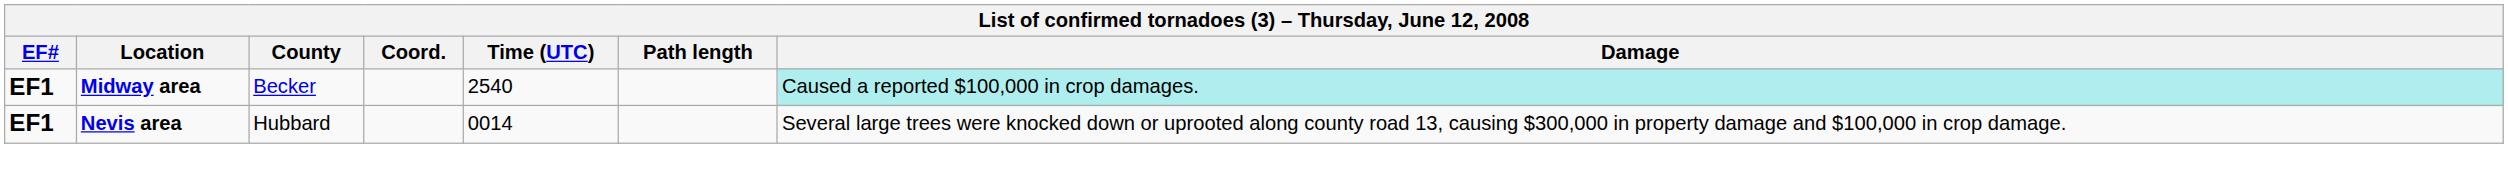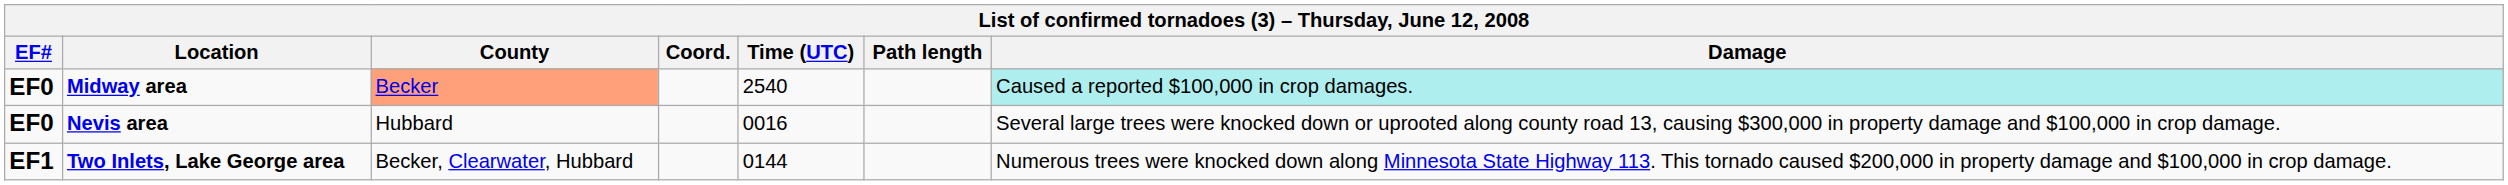 <table class="wikitable collapsible" width="100%">
 <tr>
 <th colspan="7">List of confirmed tornadoes (3) – Thursday, June 12, 2008</th>
 </tr>
 <tr>
 <th><a href='#'>EF#</a></th>
 <th>Location</th>
 <th>County</th>
 <th>Coord.</th>
 <th>Time (<a href='#'>UTC</a>)</th>
 <th>Path length</th>
 <th>Damage</th>
 </tr>
 <tr>
-<td><big><strong>EF1</strong></big></td>
+<td><big><strong>EF0</strong></big></td>
 <td><strong><a href='#'>Midway</a> area</strong></td>
-<td><a href='#'>Becker</a></td>
+<td style="background: lightsalmon;"><a href='#'>Becker</a></td>
 <td></td>
 <td>2540</td>
 <td></td>
 <td style="background: paleturquoise;">Caused a reported $100,000 in crop damages.</td>
 </tr>
 <tr>
-<td><big><strong>EF1</strong></big></td>
+<td><big><strong>EF0</strong></big></td>
 <td><strong><a href='#'>Nevis</a> area</strong></td>
 <td>Hubbard</td>
 <td></td>
-<td>0014</td>
+<td>0016</td>
 <td></td>
 <td>Several large trees were knocked down or uprooted along county road 13, causing $300,000 in property damage and $100,000 in crop damage.</td>
 </tr>
+<tr>
+<td><big><strong>EF1</strong></big></td>
+<td><strong><a href='#'>Two Inlets</a>, Lake George area</strong></td>
+<td>Becker, <a href='#'>Clearwater</a>, Hubbard</td>
+<td></td>
+<td>0144</td>
+<td></td>
+<td>Numerous trees were knocked down along <a href='#'>Minnesota State Highway 113</a>.  This tornado caused $200,000 in property damage and $100,000 in crop damage.</td>
+</tr>
 </table>
